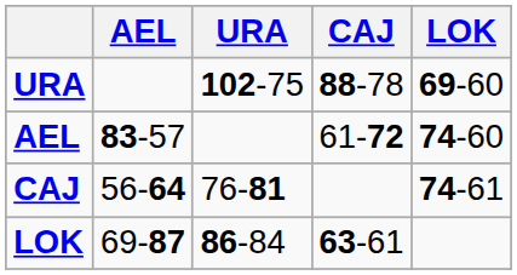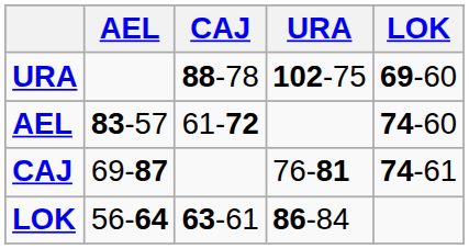 <table class="wikitable">
 <tr>
 <th></th>
 <th> <strong><a href='#'>AEL</a></strong></th>
+<th> <a href='#'><strong>CAJ</strong></a></th>
 <th> <a href='#'><strong>URA</strong></a></th>
-<th> <a href='#'><strong>CAJ</strong></a></th>
 <th> <a href='#'><strong>LOK</strong></a></th>
 </tr>
 <tr>
 <td> <a href='#'><strong>URA</strong></a></td>
 <td></td>
+<td><strong>88</strong>-78</td>
 <td><strong>102</strong>-75</td>
-<td><strong>88</strong>-78</td>
 <td><strong>69</strong>-60</td>
 </tr>
 <tr>
 <td> <strong><a href='#'>AEL</a></strong></td>
 <td><strong>83</strong>-57</td>
+<td>61-<strong>72</strong></td>
 <td></td>
-<td>61-<strong>72</strong></td>
 <td><strong>74</strong>-60</td>
 </tr>
 <tr>
 <td> <a href='#'><strong>CAJ</strong></a></td>
-<td>56-<strong>64</strong></td>
+<td>69-<strong>87</strong></td>
+<td></td>
 <td>76-<strong>81</strong></td>
-<td></td>
 <td><strong>74</strong>-61</td>
 </tr>
 <tr>
 <td> <a href='#'><strong>LOK</strong></a></td>
-<td>69-<strong>87</strong></td>
+<td>56-<strong>64</strong></td>
+<td><strong>63</strong>-61</td>
 <td><strong>86</strong>-84</td>
-<td><strong>63</strong>-61</td>
 <td></td>
 </tr>
 </table>
